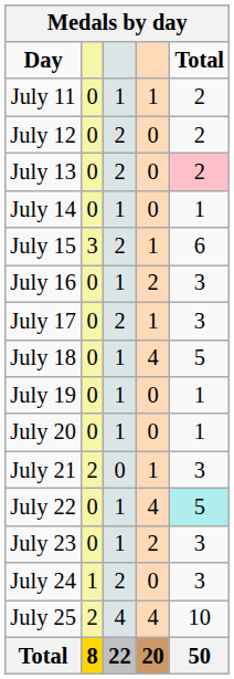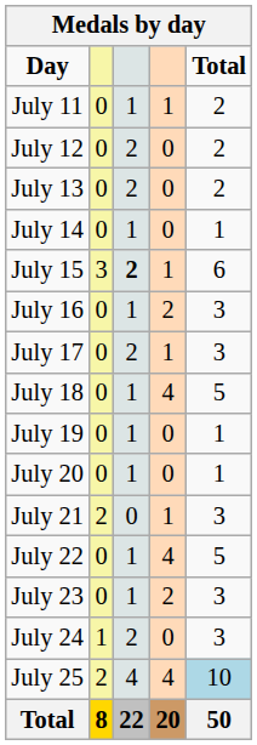 <table class="wikitable" style="font-size:85%; float:right">
 <tr align=center>
 <th colspan=7>Medals by day</th>
 </tr>
 <tr align=center>
 <td><strong>Day</strong></td>
 <td style="background:#f7f6a8;"></td>
 <td style="background:#dce5e5;"></td>
 <td style="background:#ffdab9;"></td>
 <td><strong>Total</strong></td>
 </tr>
 <tr align=center>
 <td>July 11</td>
 <td style="background:#f7f6a8;">0</td>
 <td style="background:#dce5e5;">1</td>
 <td style="background:#ffdab9;">1</td>
 <td>2</td>
 </tr>
 <tr align=center>
 <td>July 12</td>
 <td style="background:#f7f6a8;">0</td>
 <td style="background:#dce5e5;">2</td>
 <td style="background:#ffdab9;">0</td>
 <td>2</td>
 </tr>
 <tr align=center>
 <td>July 13</td>
 <td style="background:#f7f6a8;">0</td>
 <td style="background:#dce5e5;">2</td>
 <td style="background:#ffdab9;">0</td>
-<td style="background: pink;">2</td>
+<td>2</td>
 </tr>
 <tr align=center>
 <td>July 14</td>
 <td style="background:#f7f6a8;">0</td>
 <td style="background:#dce5e5;">1</td>
 <td style="background:#ffdab9;">0</td>
 <td>1</td>
 </tr>
 <tr align=center>
 <td>July 15</td>
 <td style="background:#f7f6a8;">3</td>
-<td style="background:#dce5e5;">2</td>
+<td style="background:#dce5e5;"><strong>2</strong></td>
 <td style="background:#ffdab9;">1</td>
 <td>6</td>
 </tr>
 <tr align=center>
 <td>July 16</td>
 <td style="background:#f7f6a8;">0</td>
 <td style="background:#dce5e5;">1</td>
 <td style="background:#ffdab9;">2</td>
 <td>3</td>
 </tr>
 <tr align=center>
 <td>July 17</td>
 <td style="background:#f7f6a8;">0</td>
 <td style="background:#dce5e5;">2</td>
 <td style="background:#ffdab9;">1</td>
 <td>3</td>
 </tr>
 <tr align=center>
 <td>July 18</td>
 <td style="background:#f7f6a8;">0</td>
 <td style="background:#dce5e5;">1</td>
 <td style="background:#ffdab9;">4</td>
 <td>5</td>
 </tr>
 <tr align=center>
 <td>July 19</td>
 <td style="background:#f7f6a8;">0</td>
 <td style="background:#dce5e5;">1</td>
 <td style="background:#ffdab9;">0</td>
 <td>1</td>
 </tr>
 <tr align=center>
 <td>July 20</td>
 <td style="background:#f7f6a8;">0</td>
 <td style="background:#dce5e5;">1</td>
 <td style="background:#ffdab9;">0</td>
 <td>1</td>
 </tr>
 <tr align=center>
 <td>July 21</td>
 <td style="background:#f7f6a8;">2</td>
 <td style="background:#dce5e5;">0</td>
 <td style="background:#ffdab9;">1</td>
 <td>3</td>
 </tr>
 <tr align=center>
 <td>July 22</td>
 <td style="background:#f7f6a8;">0</td>
 <td style="background:#dce5e5;">1</td>
 <td style="background:#ffdab9;">4</td>
-<td style="background: paleturquoise;">5</td>
+<td>5</td>
 </tr>
 <tr align=center>
 <td>July 23</td>
 <td style="background:#f7f6a8;">0</td>
 <td style="background:#dce5e5;">1</td>
 <td style="background:#ffdab9;">2</td>
 <td>3</td>
 </tr>
 <tr align=center>
 <td>July 24</td>
 <td style="background:#f7f6a8;">1</td>
 <td style="background:#dce5e5;">2</td>
 <td style="background:#ffdab9;">0</td>
 <td>3</td>
 </tr>
 <tr align=center>
 <td>July 25</td>
 <td style="background:#f7f6a8;">2</td>
 <td style="background:#dce5e5;">4</td>
 <td style="background:#ffdab9;">4</td>
-<td>10</td>
+<td style="background: lightblue;">10</td>
 </tr>
 <tr align=center>
 <th>Total</th>
 <th style="background:gold;">8</th>
 <th style="background:silver;">22</th>
 <th style="background:#c96;">20</th>
 <th>50</th>
 </tr>
 </table>
